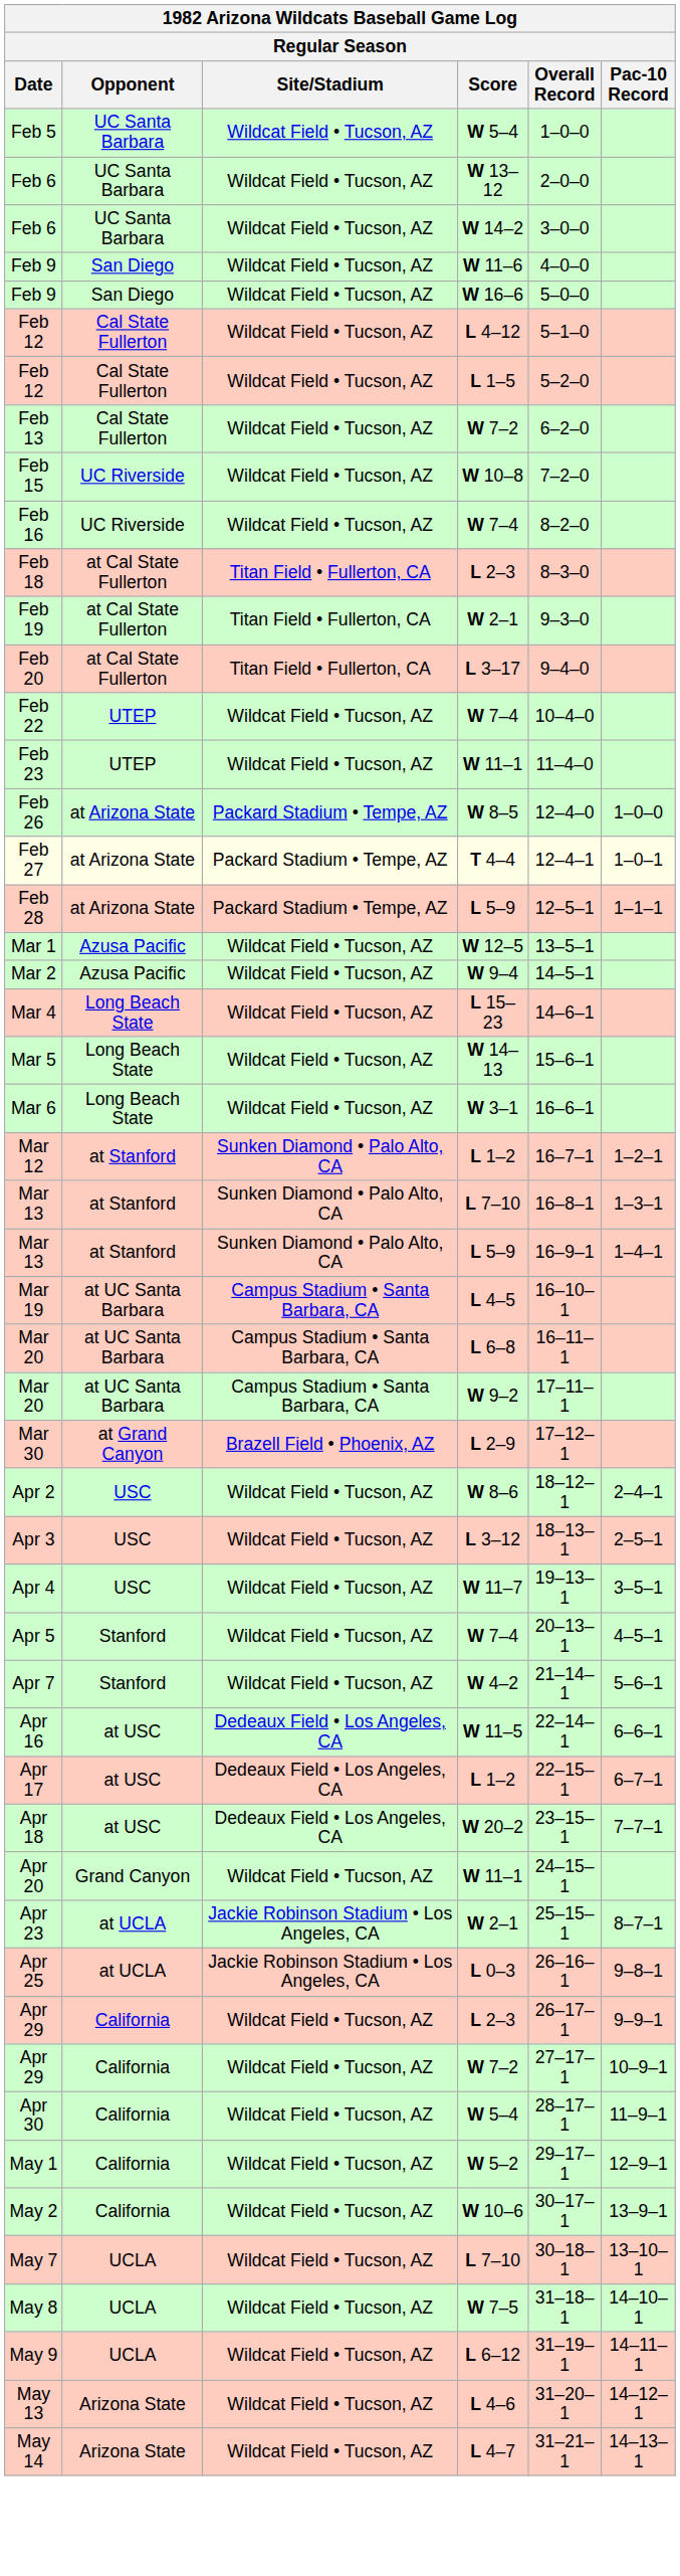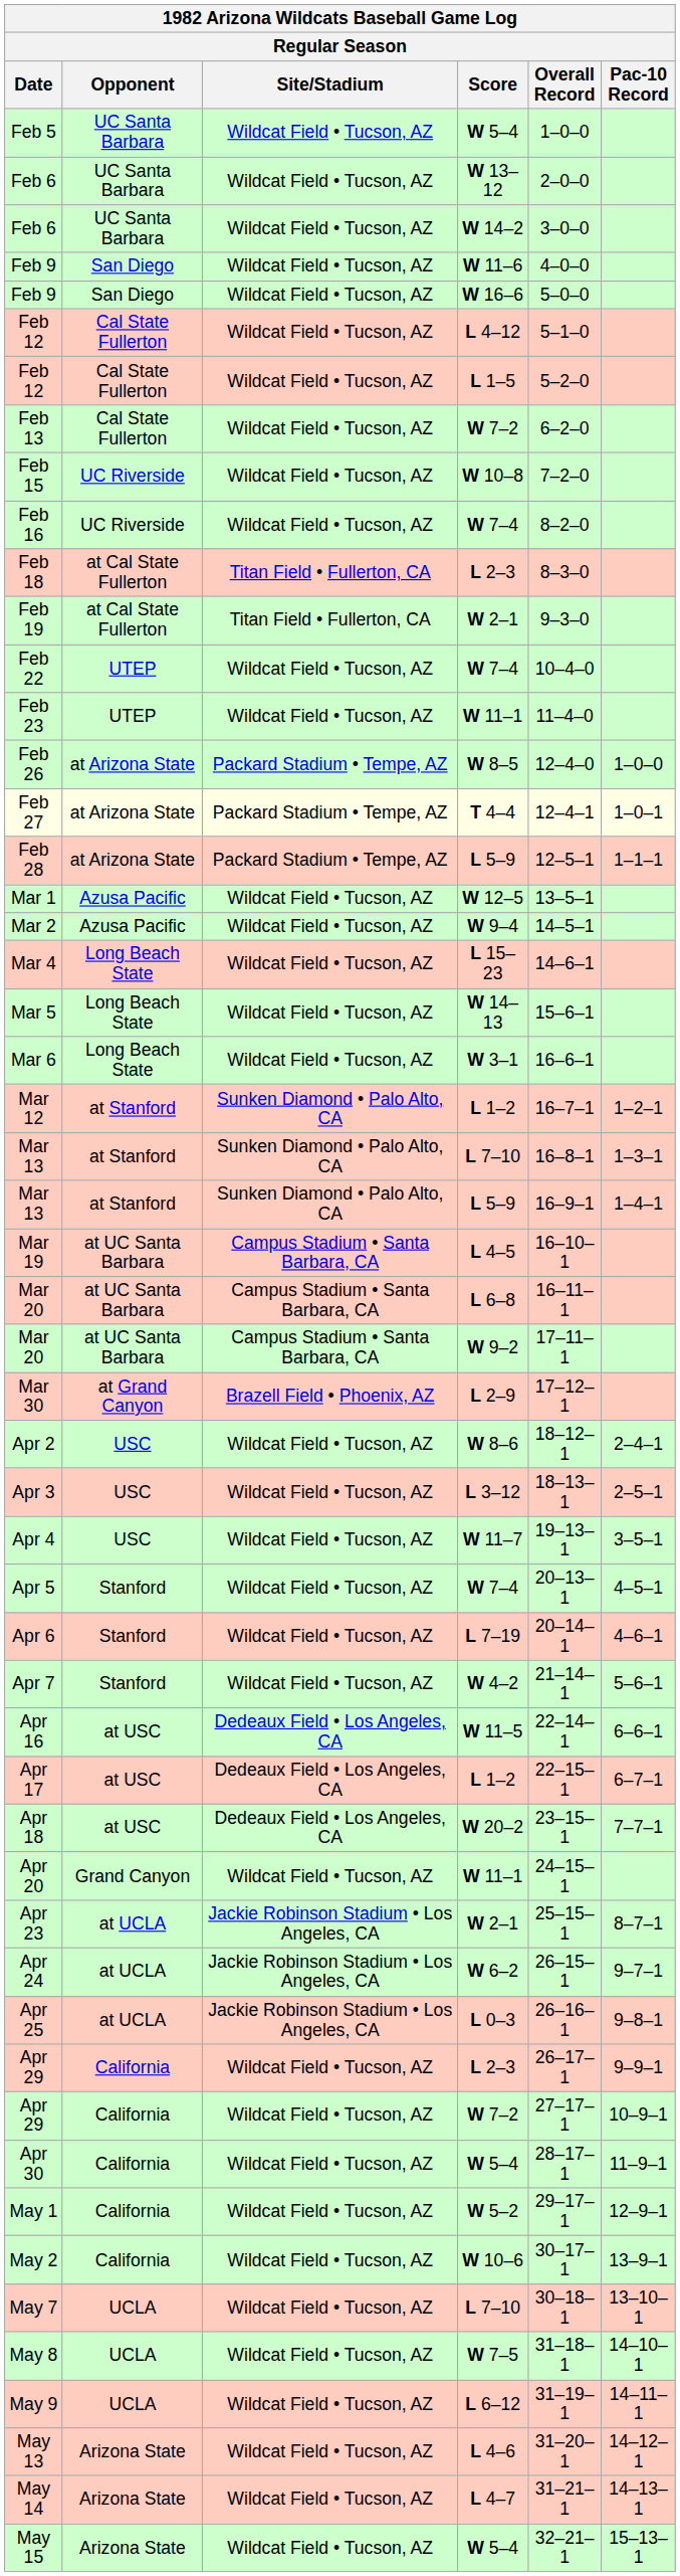 <table class="wikitable">
 <tr>
 <th colspan="6">1982 Arizona Wildcats Baseball Game Log</th>
 </tr>
 <tr>
 <th colspan="6">Regular Season</th>
 </tr>
 <tr>
 <th>Date</th>
 <th>Opponent</th>
 <th>Site/Stadium</th>
 <th>Score</th>
 <th>Overall<br>Record</th>
 <th>Pac-10<br>Record</th>
 </tr>
 <tr bgcolor="ccffcc" align="center">
 <td>Feb 5</td>
 <td><a href='#'>UC Santa Barbara</a></td>
 <td><a href='#'>Wildcat Field</a> • <a href='#'>Tucson, AZ</a></td>
 <td><strong>W</strong> 5–4</td>
 <td>1–0–0</td>
 <td></td>
 </tr>
 <tr bgcolor="ccffcc" align="center">
 <td>Feb 6</td>
 <td>UC Santa Barbara</td>
 <td>Wildcat Field • Tucson, AZ</td>
 <td><strong>W</strong> 13–12</td>
 <td>2–0–0</td>
 <td></td>
 </tr>
 <tr bgcolor="ccffcc" align="center">
 <td>Feb 6</td>
 <td>UC Santa Barbara</td>
 <td>Wildcat Field • Tucson, AZ</td>
 <td><strong>W</strong> 14–2</td>
 <td>3–0–0</td>
 <td></td>
 </tr>
 <tr bgcolor="ccffcc" align="center">
 <td>Feb 9</td>
 <td><a href='#'>San Diego</a></td>
 <td>Wildcat Field • Tucson, AZ</td>
 <td><strong>W</strong> 11–6</td>
 <td>4–0–0</td>
 <td></td>
 </tr>
 <tr bgcolor="ccffcc" align="center">
 <td>Feb 9</td>
 <td>San Diego</td>
 <td>Wildcat Field • Tucson, AZ</td>
 <td><strong>W</strong> 16–6</td>
 <td>5–0–0</td>
 <td></td>
 </tr>
 <tr bgcolor="ffccc" align="center">
 <td>Feb 12</td>
 <td><a href='#'>Cal State Fullerton</a></td>
 <td>Wildcat Field • Tucson, AZ</td>
 <td><strong>L</strong> 4–12</td>
 <td>5–1–0</td>
 <td></td>
 </tr>
 <tr bgcolor="ffccc" align="center">
 <td>Feb 12</td>
 <td>Cal State Fullerton</td>
 <td>Wildcat Field • Tucson, AZ</td>
 <td><strong>L</strong> 1–5</td>
 <td>5–2–0</td>
 <td></td>
 </tr>
 <tr bgcolor="ccffcc" align="center">
 <td>Feb 13</td>
 <td>Cal State Fullerton</td>
 <td>Wildcat Field • Tucson, AZ</td>
 <td><strong>W</strong> 7–2</td>
 <td>6–2–0</td>
 <td></td>
 </tr>
 <tr bgcolor="ccffcc" align="center">
 <td>Feb 15</td>
 <td><a href='#'>UC Riverside</a></td>
 <td>Wildcat Field • Tucson, AZ</td>
 <td><strong>W</strong> 10–8</td>
 <td>7–2–0</td>
 <td></td>
 </tr>
 <tr bgcolor="ccffcc" align="center">
 <td>Feb 16</td>
 <td>UC Riverside</td>
 <td>Wildcat Field • Tucson, AZ</td>
 <td><strong>W</strong> 7–4</td>
 <td>8–2–0</td>
 <td></td>
 </tr>
 <tr bgcolor="ffccc" align="center">
 <td>Feb 18</td>
 <td>at Cal State Fullerton</td>
 <td><a href='#'>Titan Field</a> • <a href='#'>Fullerton, CA</a></td>
 <td><strong>L</strong> 2–3</td>
 <td>8–3–0</td>
 <td></td>
 </tr>
 <tr bgcolor="ccffcc" align="center">
 <td>Feb 19</td>
 <td>at Cal State Fullerton</td>
 <td>Titan Field • Fullerton, CA</td>
 <td><strong>W</strong> 2–1</td>
 <td>9–3–0</td>
-<td></td>
-</tr>
-<tr bgcolor="ffccc" align="center">
-<td>Feb 20</td>
-<td>at Cal State Fullerton</td>
-<td>Titan Field • Fullerton, CA</td>
-<td><strong>L</strong> 3–17</td>
-<td>9–4–0</td>
 <td></td>
 </tr>
 <tr bgcolor="ccffcc" align="center">
 <td>Feb 22</td>
 <td><a href='#'>UTEP</a></td>
 <td>Wildcat Field • Tucson, AZ</td>
 <td><strong>W</strong> 7–4</td>
 <td>10–4–0</td>
 <td></td>
 </tr>
 <tr bgcolor="ccffcc" align="center">
 <td>Feb 23</td>
 <td>UTEP</td>
 <td>Wildcat Field • Tucson, AZ</td>
 <td><strong>W</strong> 11–1</td>
 <td>11–4–0</td>
 <td></td>
 </tr>
 <tr bgcolor="ccffcc" align="center">
 <td>Feb 26</td>
 <td>at <a href='#'>Arizona State</a></td>
 <td><a href='#'>Packard Stadium</a> • <a href='#'>Tempe, AZ</a></td>
 <td><strong>W</strong> 8–5</td>
 <td>12–4–0</td>
 <td>1–0–0</td>
 </tr>
 <tr bgcolor="ffffe6" align="center">
 <td>Feb 27</td>
 <td>at Arizona State</td>
 <td>Packard Stadium • Tempe, AZ</td>
 <td><strong>T</strong> 4–4</td>
 <td>12–4–1</td>
 <td>1–0–1</td>
 </tr>
 <tr bgcolor="ffccc" align="center">
 <td>Feb 28</td>
 <td>at Arizona State</td>
 <td>Packard Stadium • Tempe, AZ</td>
 <td><strong>L</strong> 5–9</td>
 <td>12–5–1</td>
 <td>1–1–1</td>
 </tr>
 <tr bgcolor="ccffcc" align="center">
 <td>Mar 1</td>
 <td><a href='#'>Azusa Pacific</a></td>
 <td>Wildcat Field • Tucson, AZ</td>
 <td><strong>W</strong> 12–5</td>
 <td>13–5–1</td>
 <td></td>
 </tr>
 <tr bgcolor="ccffcc" align="center">
 <td>Mar 2</td>
 <td>Azusa Pacific</td>
 <td>Wildcat Field • Tucson, AZ</td>
 <td><strong>W</strong> 9–4</td>
 <td>14–5–1</td>
 <td></td>
 </tr>
 <tr bgcolor="ffccc" align="center">
 <td>Mar 4</td>
 <td><a href='#'>Long Beach State</a></td>
 <td>Wildcat Field • Tucson, AZ</td>
 <td><strong>L</strong> 15–23</td>
 <td>14–6–1</td>
 <td></td>
 </tr>
 <tr bgcolor="ccffcc" align="center">
 <td>Mar 5</td>
 <td>Long Beach State</td>
 <td>Wildcat Field • Tucson, AZ</td>
 <td><strong>W</strong> 14–13</td>
 <td>15–6–1</td>
 <td></td>
 </tr>
 <tr bgcolor="ccffcc" align="center">
 <td>Mar 6</td>
 <td>Long Beach State</td>
 <td>Wildcat Field • Tucson, AZ</td>
 <td><strong>W</strong> 3–1</td>
 <td>16–6–1</td>
 <td></td>
 </tr>
 <tr bgcolor="ffccc" align="center">
 <td>Mar 12</td>
 <td>at <a href='#'>Stanford</a></td>
 <td><a href='#'>Sunken Diamond</a> • <a href='#'>Palo Alto, CA</a></td>
 <td><strong>L</strong> 1–2</td>
 <td>16–7–1</td>
 <td>1–2–1</td>
 </tr>
 <tr bgcolor="ffccc" align="center">
 <td>Mar 13</td>
 <td>at Stanford</td>
 <td>Sunken Diamond • Palo Alto, CA</td>
 <td><strong>L</strong> 7–10</td>
 <td>16–8–1</td>
 <td>1–3–1</td>
 </tr>
 <tr bgcolor="ffccc" align="center">
 <td>Mar 13</td>
 <td>at Stanford</td>
 <td>Sunken Diamond • Palo Alto, CA</td>
 <td><strong>L</strong> 5–9</td>
 <td>16–9–1</td>
 <td>1–4–1</td>
 </tr>
 <tr bgcolor="ffccc" align="center">
 <td>Mar 19</td>
 <td>at UC Santa Barbara</td>
 <td><a href='#'>Campus Stadium</a> • <a href='#'>Santa Barbara, CA</a></td>
 <td><strong>L</strong> 4–5</td>
 <td>16–10–1</td>
 <td></td>
 </tr>
 <tr bgcolor="ffccc" align="center">
 <td>Mar 20</td>
 <td>at UC Santa Barbara</td>
 <td>Campus Stadium • Santa Barbara, CA</td>
 <td><strong>L</strong> 6–8</td>
 <td>16–11–1</td>
 <td></td>
 </tr>
 <tr bgcolor="ccffcc" align="center">
 <td>Mar 20</td>
 <td>at UC Santa Barbara</td>
 <td>Campus Stadium • Santa Barbara, CA</td>
 <td><strong>W</strong> 9–2</td>
 <td>17–11–1</td>
 <td></td>
 </tr>
 <tr bgcolor="ffccc" align="center">
 <td>Mar 30</td>
 <td>at <a href='#'>Grand Canyon</a></td>
 <td><a href='#'>Brazell Field</a> • <a href='#'>Phoenix, AZ</a></td>
 <td><strong>L</strong> 2–9</td>
 <td>17–12–1</td>
 <td></td>
 </tr>
 <tr bgcolor="ccffcc" align="center">
 <td>Apr 2</td>
 <td><a href='#'>USC</a></td>
 <td>Wildcat Field • Tucson, AZ</td>
 <td><strong>W</strong> 8–6</td>
 <td>18–12–1</td>
 <td>2–4–1</td>
 </tr>
 <tr bgcolor="ffccc" align="center">
 <td>Apr 3</td>
 <td>USC</td>
 <td>Wildcat Field • Tucson, AZ</td>
 <td><strong>L</strong> 3–12</td>
 <td>18–13–1</td>
 <td>2–5–1</td>
 </tr>
 <tr bgcolor="ccffcc" align="center">
 <td>Apr 4</td>
 <td>USC</td>
 <td>Wildcat Field • Tucson, AZ</td>
 <td><strong>W</strong> 11–7</td>
 <td>19–13–1</td>
 <td>3–5–1</td>
 </tr>
 <tr bgcolor="ccffcc" align="center">
 <td>Apr 5</td>
 <td>Stanford</td>
 <td>Wildcat Field • Tucson, AZ</td>
 <td><strong>W</strong> 7–4</td>
 <td>20–13–1</td>
 <td>4–5–1</td>
 </tr>
+<tr bgcolor="ffccc" align="center">
+<td>Apr 6</td>
+<td>Stanford</td>
+<td>Wildcat Field • Tucson, AZ</td>
+<td><strong>L</strong> 7–19</td>
+<td>20–14–1</td>
+<td>4–6–1</td>
+</tr>
 <tr bgcolor="ccffcc" align="center">
 <td>Apr 7</td>
 <td>Stanford</td>
 <td>Wildcat Field • Tucson, AZ</td>
 <td><strong>W</strong> 4–2</td>
 <td>21–14–1</td>
 <td>5–6–1</td>
 </tr>
 <tr bgcolor="ccffcc" align="center">
 <td>Apr 16</td>
 <td>at USC</td>
 <td><a href='#'>Dedeaux Field</a> • <a href='#'>Los Angeles, CA</a></td>
 <td><strong>W</strong> 11–5</td>
 <td>22–14–1</td>
 <td>6–6–1</td>
 </tr>
 <tr bgcolor="ffccc" align="center">
 <td>Apr 17</td>
 <td>at USC</td>
 <td>Dedeaux Field • Los Angeles, CA</td>
 <td><strong>L</strong> 1–2</td>
 <td>22–15–1</td>
 <td>6–7–1</td>
 </tr>
 <tr bgcolor="ccffcc" align="center">
 <td>Apr 18</td>
 <td>at USC</td>
 <td>Dedeaux Field • Los Angeles, CA</td>
 <td><strong>W</strong> 20–2</td>
 <td>23–15–1</td>
 <td>7–7–1</td>
 </tr>
 <tr bgcolor="ccffcc" align="center">
 <td>Apr 20</td>
 <td>Grand Canyon</td>
 <td>Wildcat Field • Tucson, AZ</td>
 <td><strong>W</strong> 11–1</td>
 <td>24–15–1</td>
 <td></td>
 </tr>
 <tr bgcolor="ccffcc" align="center">
 <td>Apr 23</td>
 <td>at <a href='#'>UCLA</a></td>
 <td><a href='#'>Jackie Robinson Stadium</a> • Los Angeles, CA</td>
 <td><strong>W</strong> 2–1</td>
 <td>25–15–1</td>
 <td>8–7–1</td>
+</tr>
+<tr bgcolor="ccffcc" align="center">
+<td>Apr 24</td>
+<td>at UCLA</td>
+<td>Jackie Robinson Stadium • Los Angeles, CA</td>
+<td><strong>W</strong> 6–2</td>
+<td>26–15–1</td>
+<td>9–7–1</td>
 </tr>
 <tr bgcolor="ffccc" align="center">
 <td>Apr 25</td>
 <td>at UCLA</td>
 <td>Jackie Robinson Stadium • Los Angeles, CA</td>
 <td><strong>L</strong> 0–3</td>
 <td>26–16–1</td>
 <td>9–8–1</td>
 </tr>
 <tr bgcolor="ffccc" align="center">
 <td>Apr 29</td>
 <td><a href='#'>California</a></td>
 <td>Wildcat Field • Tucson, AZ</td>
 <td><strong>L</strong> 2–3</td>
 <td>26–17–1</td>
 <td>9–9–1</td>
 </tr>
 <tr bgcolor="ccffcc" align="center">
 <td>Apr 29</td>
 <td>California</td>
 <td>Wildcat Field • Tucson, AZ</td>
 <td><strong>W</strong> 7–2</td>
 <td>27–17–1</td>
 <td>10–9–1</td>
 </tr>
 <tr bgcolor="ccffcc" align="center">
 <td>Apr 30</td>
 <td>California</td>
 <td>Wildcat Field • Tucson, AZ</td>
 <td><strong>W</strong> 5–4</td>
 <td>28–17–1</td>
 <td>11–9–1</td>
 </tr>
 <tr bgcolor="ccffcc" align="center">
 <td>May 1</td>
 <td>California</td>
 <td>Wildcat Field • Tucson, AZ</td>
 <td><strong>W</strong> 5–2</td>
 <td>29–17–1</td>
 <td>12–9–1</td>
 </tr>
 <tr bgcolor="ccffcc" align="center">
 <td>May 2</td>
 <td>California</td>
 <td>Wildcat Field • Tucson, AZ</td>
 <td><strong>W</strong> 10–6</td>
 <td>30–17–1</td>
 <td>13–9–1</td>
 </tr>
 <tr bgcolor="ffccc" align="center">
 <td>May 7</td>
 <td>UCLA</td>
 <td>Wildcat Field • Tucson, AZ</td>
 <td><strong>L</strong> 7–10</td>
 <td>30–18–1</td>
 <td>13–10–1</td>
 </tr>
 <tr bgcolor="ccffcc" align="center">
 <td>May 8</td>
 <td>UCLA</td>
 <td>Wildcat Field • Tucson, AZ</td>
 <td><strong>W</strong> 7–5</td>
 <td>31–18–1</td>
 <td>14–10–1</td>
 </tr>
 <tr bgcolor="ffccc" align="center">
 <td>May 9</td>
 <td>UCLA</td>
 <td>Wildcat Field • Tucson, AZ</td>
 <td><strong>L</strong> 6–12</td>
 <td>31–19–1</td>
 <td>14–11–1</td>
 </tr>
 <tr bgcolor="ffccc" align="center">
 <td>May 13</td>
 <td>Arizona State</td>
 <td>Wildcat Field • Tucson, AZ</td>
 <td><strong>L</strong> 4–6</td>
 <td>31–20–1</td>
 <td>14–12–1</td>
 </tr>
 <tr bgcolor="ffccc" align="center">
 <td>May 14</td>
 <td>Arizona State</td>
 <td>Wildcat Field • Tucson, AZ</td>
 <td><strong>L</strong> 4–7</td>
 <td>31–21–1</td>
 <td>14–13–1</td>
 </tr>
+<tr bgcolor="ccffcc" align="center">
+<td>May 15</td>
+<td>Arizona State</td>
+<td>Wildcat Field • Tucson, AZ</td>
+<td><strong>W</strong> 5–4</td>
+<td>32–21–1</td>
+<td>15–13–1</td>
+</tr>
 </table>
